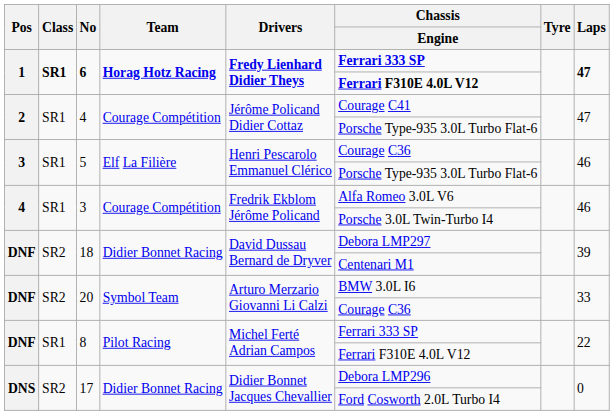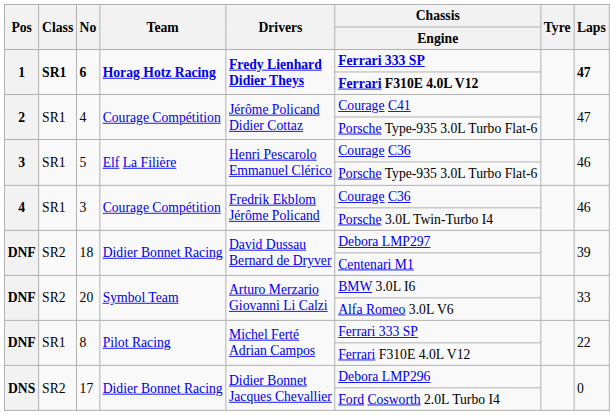 <table class="wikitable" style="font-size: 95%;">
 <tr>
 <th rowspan=2>Pos</th>
 <th rowspan=2>Class</th>
 <th rowspan=2>No</th>
 <th rowspan=2>Team</th>
 <th rowspan=2>Drivers</th>
 <th>Chassis</th>
 <th rowspan=2>Tyre</th>
 <th rowspan=2>Laps</th>
 </tr>
 <tr>
 <th>Engine</th>
 </tr>
 <tr style="font-weight:bold">
 <th rowspan=2>1</th>
 <td rowspan=2>SR1</td>
 <td rowspan=2>6</td>
 <td rowspan=2> <a href='#'>Horag Hotz Racing</a></td>
 <td rowspan=2> <a href='#'>Fredy Lienhard</a><br> <a href='#'>Didier Theys</a></td>
 <td><a href='#'>Ferrari 333 SP</a></td>
 <td rowspan=2></td>
 <td rowspan=2>47</td>
 </tr>
 <tr style="font-weight:bold">
 <td><a href='#'>Ferrari</a> F310E 4.0L V12</td>
 </tr>
 <tr>
 <th rowspan=2>2</th>
 <td rowspan=2>SR1</td>
 <td rowspan=2>4</td>
 <td rowspan=2> <a href='#'>Courage Compétition</a></td>
 <td rowspan=2> <a href='#'>Jérôme Policand</a><br> <a href='#'>Didier Cottaz</a></td>
 <td><a href='#'>Courage</a> <a href='#'>C41</a></td>
 <td rowspan=2></td>
 <td rowspan=2>47</td>
 </tr>
 <tr>
 <td><a href='#'>Porsche</a> Type-935 3.0L Turbo Flat-6</td>
 </tr>
 <tr>
 <th rowspan=2>3</th>
 <td rowspan=2>SR1</td>
 <td rowspan=2>5</td>
 <td rowspan=2> <a href='#'>Elf</a> <a href='#'>La Filière</a></td>
 <td rowspan=2> <a href='#'>Henri Pescarolo</a><br> <a href='#'>Emmanuel Clérico</a></td>
 <td><a href='#'>Courage</a> <a href='#'>C36</a></td>
 <td rowspan=2></td>
 <td rowspan=2>46</td>
 </tr>
 <tr>
 <td><a href='#'>Porsche</a> Type-935 3.0L Turbo Flat-6</td>
 </tr>
 <tr>
 <th rowspan=2>4</th>
 <td rowspan=2>SR1</td>
 <td rowspan=2>3</td>
 <td rowspan=2> <a href='#'>Courage Compétition</a></td>
 <td rowspan=2> <a href='#'>Fredrik Ekblom</a><br> <a href='#'>Jérôme Policand</a></td>
-<td><a href='#'>Alfa Romeo</a> 3.0L V6</td>
+<td><a href='#'>Courage</a> <a href='#'>C36</a></td>
 <td rowspan=2></td>
 <td rowspan=2>46</td>
 </tr>
 <tr>
 <td><a href='#'>Porsche</a> 3.0L Twin-Turbo I4</td>
 </tr>
 <tr>
 <th rowspan=2>DNF</th>
 <td rowspan=2>SR2</td>
 <td rowspan=2>18</td>
 <td rowspan=2> <a href='#'>Didier Bonnet Racing</a></td>
 <td rowspan=2> <a href='#'>David Dussau</a><br> <a href='#'>Bernard de Dryver</a></td>
 <td><a href='#'>Debora LMP297</a></td>
 <td rowspan=2></td>
 <td rowspan=2>39</td>
 </tr>
 <tr>
 <td><a href='#'>Centenari M1</a></td>
 </tr>
 <tr>
 <th rowspan=2>DNF</th>
 <td rowspan=2>SR2</td>
 <td rowspan=2>20</td>
 <td rowspan=2> <a href='#'>Symbol Team</a></td>
 <td rowspan=2> <a href='#'>Arturo Merzario</a><br> <a href='#'>Giovanni Li Calzi</a></td>
 <td><a href='#'>BMW</a> 3.0L I6</td>
 <td rowspan=2></td>
 <td rowspan=2>33</td>
 </tr>
 <tr>
-<td><a href='#'>Courage</a> <a href='#'>C36</a></td>
+<td><a href='#'>Alfa Romeo</a> 3.0L V6</td>
 </tr>
 <tr>
 <th rowspan=2>DNF</th>
 <td rowspan=2>SR1</td>
 <td rowspan=2>8</td>
 <td rowspan=2> <a href='#'>Pilot Racing</a></td>
 <td rowspan=2> <a href='#'>Michel Ferté</a><br> <a href='#'>Adrian Campos</a></td>
 <td><a href='#'>Ferrari 333 SP</a></td>
 <td rowspan=2></td>
 <td rowspan=2>22</td>
 </tr>
 <tr>
 <td><a href='#'>Ferrari</a> F310E 4.0L V12</td>
 </tr>
 <tr>
 <th rowspan=2>DNS</th>
 <td rowspan=2>SR2</td>
 <td rowspan=2>17</td>
 <td rowspan=2> <a href='#'>Didier Bonnet Racing</a></td>
 <td rowspan=2> <a href='#'>Didier Bonnet</a><br> <a href='#'>Jacques Chevallier</a></td>
 <td><a href='#'>Debora LMP296</a></td>
 <td rowspan=2></td>
 <td rowspan=2>0</td>
 </tr>
 <tr>
 <td><a href='#'>Ford</a> <a href='#'>Cosworth</a> 2.0L Turbo I4</td>
 </tr>
 </table>
